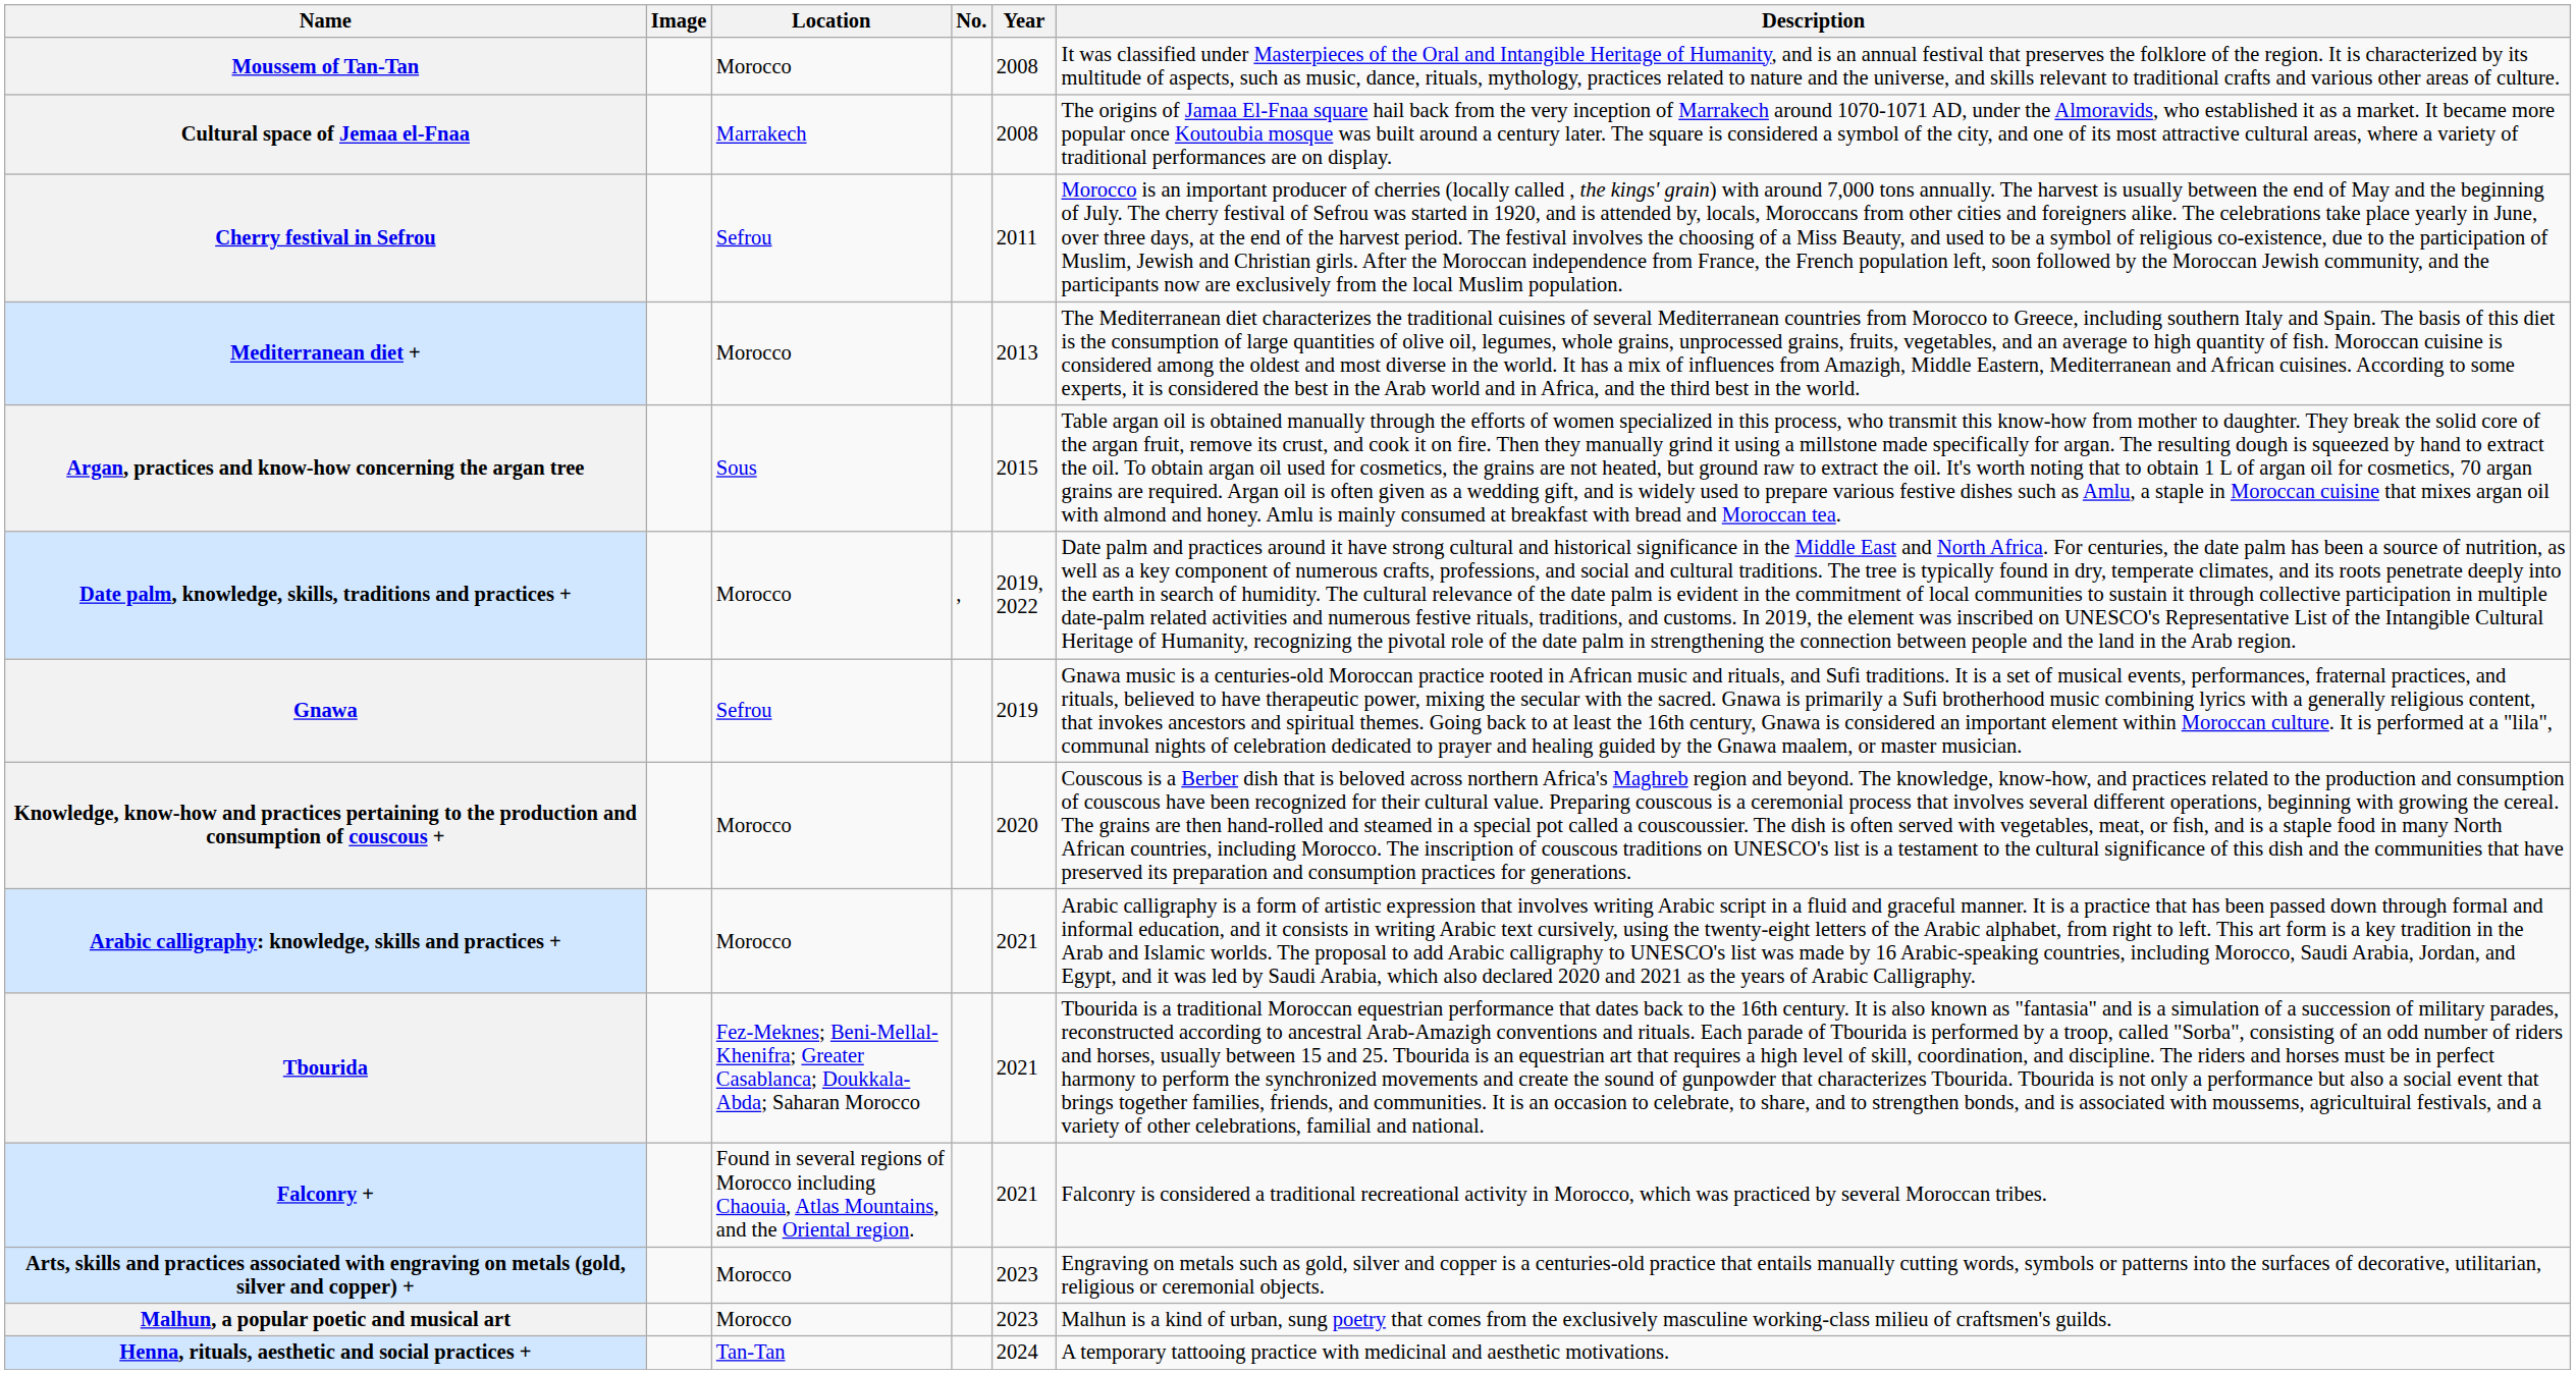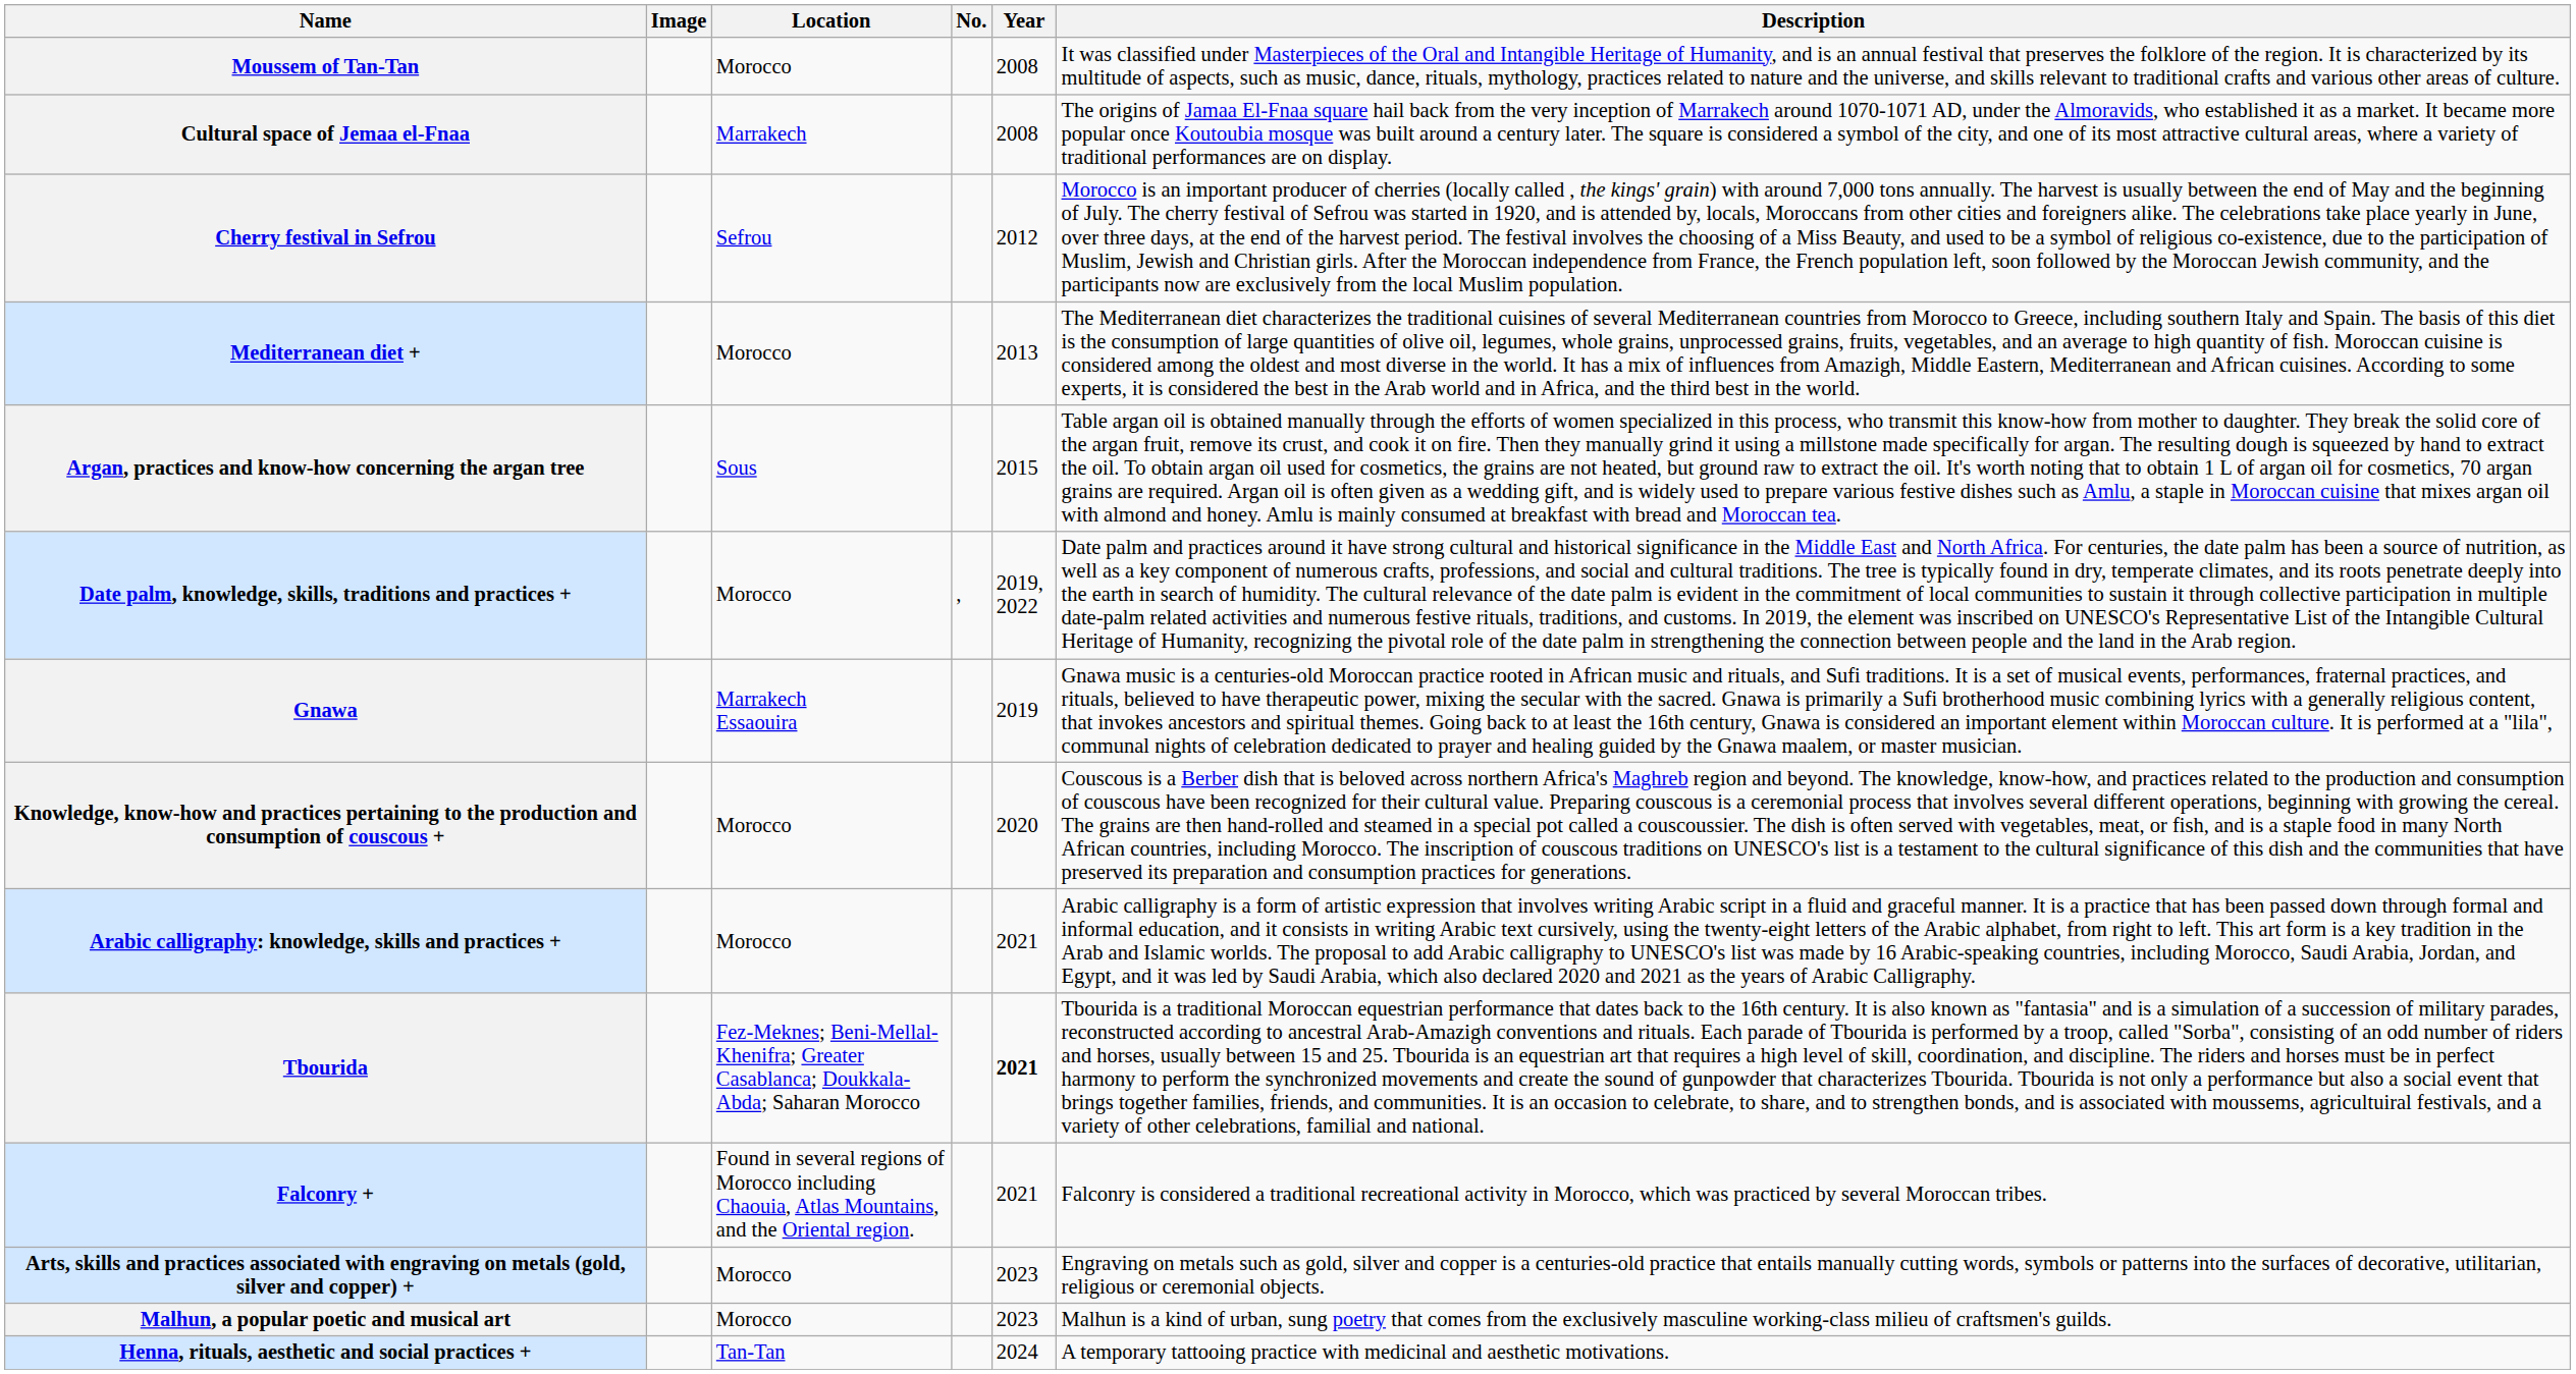 <table class="wikitable sortable plainrowheaders">
 <tr>
 <th style="width:25%">Name</th>
 <th class="unsortable">Image</th>
 <th>Location</th>
 <th>No.</th>
 <th>Year</th>
 <th class="unsortable">Description</th>
 </tr>
 <tr>
 <th scope="row"><a href='#'>Moussem of Tan-Tan</a></th>
 <td></td>
 <td>Morocco</td>
 <td></td>
 <td>2008</td>
 <td>It was classified under <a href='#'>Masterpieces of the Oral and Intangible Heritage of Humanity</a>, and is an annual festival that preserves the folklore of the region. It is characterized by its multitude of aspects, such as music, dance, rituals, mythology, practices related to nature and the universe, and skills relevant to traditional crafts and various other areas of culture.</td>
 </tr>
 <tr>
 <th scope="row">Cultural space of <a href='#'>Jemaa el-Fnaa</a></th>
 <td></td>
 <td><a href='#'>Marrakech</a><br><small></small></td>
 <td></td>
 <td>2008</td>
 <td>The origins of <a href='#'>Jamaa El-Fnaa square</a> hail back from the very inception of <a href='#'>Marrakech</a> around 1070-1071 AD, under the <a href='#'>Almoravids</a>, who established it as a market. It became more popular once <a href='#'>Koutoubia mosque</a> was built around a century later. The square is considered a symbol of the city, and one of its most attractive cultural areas, where a variety of traditional performances are on display.</td>
 </tr>
 <tr>
 <th scope="row"><a href='#'>Cherry festival in Sefrou</a></th>
 <td></td>
 <td><a href='#'>Sefrou</a><br><small></small></td>
 <td></td>
-<td>2011</td>
+<td>2012</td>
 <td><a href='#'>Morocco</a> is an important producer of cherries (locally called , <em>the kings' grain</em>) with around 7,000 tons annually. The harvest is usually between the end of May and the beginning of July. The cherry festival of Sefrou was started in 1920, and is attended by, locals, Moroccans from other cities and foreigners alike. The celebrations take place yearly in June, over three days, at the end of the harvest period. The festival involves the choosing of a Miss Beauty, and used to be a symbol of religious co-existence, due to the participation of Muslim, Jewish and Christian girls. After the Moroccan independence from France, the French population left, soon followed by the Moroccan Jewish community, and the participants now are exclusively from the local Muslim population.</td>
 </tr>
 <tr>
 <th scope="row" style="background:#D0E7FF;"><a href='#'>Mediterranean diet</a> +</th>
 <td></td>
 <td>Morocco<br><small></small></td>
 <td></td>
 <td>2013</td>
 <td>The Mediterranean diet characterizes the traditional cuisines of several Mediterranean countries from Morocco to Greece, including southern Italy and Spain. The basis of this diet is the consumption of large quantities of olive oil, legumes, whole grains, unprocessed grains, fruits, vegetables, and an average to high quantity of fish. Moroccan cuisine is considered among the oldest and most diverse in the world. It has a mix of influences from Amazigh, Middle Eastern, Mediterranean and African cuisines. According to some experts, it is considered the best in the Arab world and in Africa, and the third best in the world.</td>
 </tr>
 <tr>
 <th scope="row"><a href='#'>Argan</a>, practices and know-how concerning the argan tree</th>
 <td></td>
 <td><a href='#'>Sous</a><br><small></small></td>
 <td></td>
 <td>2015</td>
 <td>Table argan oil is obtained manually through the efforts of women specialized in this process, who transmit this know-how from mother to daughter. They break the solid core of the argan fruit, remove its crust, and cook it on fire. Then they manually grind it using a millstone made specifically for argan. The resulting dough is squeezed by hand to extract the oil. To obtain argan oil used for cosmetics, the grains are not heated, but ground raw to extract the oil. It's worth noting that to obtain 1 L of argan oil for cosmetics, 70 argan grains are required. Argan oil is often given as a wedding gift, and is widely used to prepare various festive dishes such as <a href='#'>Amlu</a>, a staple in <a href='#'>Moroccan cuisine</a> that mixes argan oil with almond and honey. Amlu is mainly consumed at breakfast with bread and <a href='#'>Moroccan tea</a>.</td>
 </tr>
 <tr>
 <th scope="row" style="background:#D0E7FF;"><a href='#'>Date palm</a>, knowledge, skills, traditions and practices +</th>
 <td></td>
 <td>Morocco</td>
 <td>, </td>
 <td>2019, 2022</td>
 <td>Date palm and practices around it have strong cultural and historical significance in the <a href='#'>Middle East</a> and <a href='#'>North Africa</a>. For centuries, the date palm has been a source of nutrition, as well as a key component of numerous crafts, professions, and social and cultural traditions. The tree is typically found in dry, temperate climates, and its roots penetrate deeply into the earth in search of humidity. The cultural relevance of the date palm is evident in the commitment of local communities to sustain it through collective participation in multiple date-palm related activities and numerous festive rituals, traditions, and customs. In 2019, the element was inscribed on UNESCO's Representative List of the Intangible Cultural Heritage of Humanity, recognizing the pivotal role of the date palm in strengthening the connection between people and the land in the Arab region.</td>
 </tr>
 <tr>
 <th scope="row"><a href='#'>Gnawa</a></th>
 <td></td>
-<td><a href='#'>Sefrou</a><br><small></small></td>
+<td><a href='#'>Marrakech</a><br><small></small> <a href='#'>Essaouira</a> <small></small></td>
 <td></td>
 <td>2019</td>
 <td>Gnawa music is a centuries-old Moroccan practice rooted in African music and rituals, and Sufi traditions. It is a set of musical events, performances, fraternal practices, and rituals, believed to have therapeutic power, mixing the secular with the sacred. Gnawa is primarily a Sufi brotherhood music combining lyrics with a generally religious content, that invokes ancestors and spiritual themes. Going back to at least the 16th century, Gnawa is considered an important element within <a href='#'>Moroccan culture</a>. It is performed at a "lila", communal nights of celebration dedicated to prayer and healing guided by the Gnawa maalem, or master musician.</td>
 </tr>
 <tr>
 <th scope="row">Knowledge, know-how and practices pertaining to the production and consumption of <a href='#'>couscous</a> +</th>
 <td></td>
 <td>Morocco</td>
 <td></td>
 <td>2020</td>
 <td>Couscous is a <a href='#'>Berber</a> dish that is beloved across northern Africa's <a href='#'>Maghreb</a> region and beyond. The knowledge, know-how, and practices related to the production and consumption of couscous have been recognized for their cultural value. Preparing couscous is a ceremonial process that involves several different operations, beginning with growing the cereal. The grains are then hand-rolled and steamed in a special pot called a couscoussier. The dish is often served with vegetables, meat, or fish, and is a staple food in many North African countries, including Morocco. The inscription of couscous traditions on UNESCO's list is a testament to the cultural significance of this dish and the communities that have preserved its preparation and consumption practices for generations.</td>
 </tr>
 <tr>
 <th scope="row" style="background:#D0E7FF;"><a href='#'>Arabic calligraphy</a>: knowledge, skills and practices +</th>
 <td></td>
 <td>Morocco</td>
 <td></td>
 <td>2021</td>
 <td>Arabic calligraphy is a form of artistic expression that involves writing Arabic script in a fluid and graceful manner. It is a practice that has been passed down through formal and informal education, and it consists in writing Arabic text cursively, using the twenty-eight letters of the Arabic alphabet, from right to left. This art form is a key tradition in the Arab and Islamic worlds. The proposal to add Arabic calligraphy to UNESCO's list was made by 16 Arabic-speaking countries, including Morocco, Saudi Arabia, Jordan, and Egypt, and it was led by Saudi Arabia, which also declared 2020 and 2021 as the years of Arabic Calligraphy.</td>
 </tr>
 <tr>
 <th scope="row"><a href='#'>Tbourida</a></th>
 <td></td>
 <td><a href='#'>Fez-Meknes</a>; <a href='#'>Beni-Mellal-Khenifra</a>; <a href='#'>Greater Casablanca</a>; <a href='#'>Doukkala-Abda</a>; Saharan Morocco</td>
 <td></td>
-<td>2021</td>
+<td><strong>2021</strong></td>
 <td>Tbourida is a traditional Moroccan equestrian performance that dates back to the 16th century. It is also known as "fantasia" and is a simulation of a succession of military parades, reconstructed according to ancestral Arab-Amazigh conventions and rituals. Each parade of Tbourida is performed by a troop, called "Sorba", consisting of an odd number of riders and horses, usually between 15 and 25. Tbourida is an equestrian art that requires a high level of skill, coordination, and discipline. The riders and horses must be in perfect harmony to perform the synchronized movements and create the sound of gunpowder that characterizes Tbourida. Tbourida is not only a performance but also a social event that brings together families, friends, and communities. It is an occasion to celebrate, to share, and to strengthen bonds, and is associated with moussems, agricultuiral festivals, and a variety of other celebrations, familial and national.</td>
 </tr>
 <tr>
 <th scope="row" style="background:#D0E7FF;"><a href='#'>Falconry</a> +</th>
 <td></td>
 <td>Found in several regions of Morocco including <a href='#'>Chaouia</a>, <a href='#'>Atlas Mountains</a>, and the <a href='#'>Oriental region</a>.<br><small></small></td>
 <td></td>
 <td>2021</td>
 <td>Falconry is considered a traditional recreational activity in Morocco, which was practiced by several Moroccan tribes.</td>
 </tr>
 <tr>
 <th scope="row" style="background:#D0E7FF;">Arts, skills and practices associated with engraving on metals (gold, silver and copper) +</th>
 <td></td>
 <td>Morocco</td>
 <td></td>
 <td>2023</td>
 <td>Engraving on metals such as gold, silver and copper is a centuries-old practice that entails manually cutting words, symbols or patterns into the surfaces of decorative, utilitarian, religious or ceremonial objects.</td>
 </tr>
 <tr>
 <th scope="row"><a href='#'>Malhun</a>, a popular poetic and musical art</th>
 <td></td>
 <td>Morocco</td>
 <td></td>
 <td>2023</td>
 <td>Malhun is a kind of urban, sung <a href='#'>poetry</a> that comes from the exclusively masculine working-class milieu of craftsmen's guilds.</td>
 </tr>
 <tr>
 <th scope="row" style="background:#D0E7FF;"><a href='#'>Henna</a>, rituals, aesthetic and social practices +</th>
 <td></td>
 <td><a href='#'>Tan-Tan</a><br><small></small></td>
 <td></td>
 <td>2024</td>
 <td>A temporary tattooing practice with medicinal and aesthetic motivations.</td>
 </tr>
 </table>
